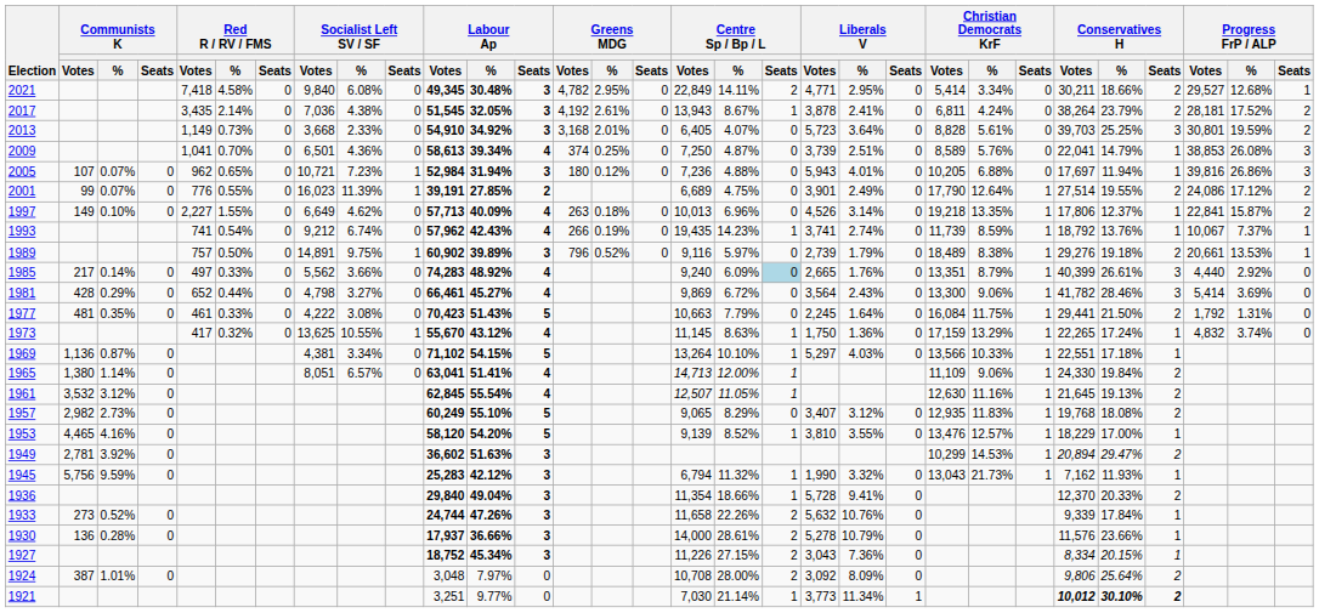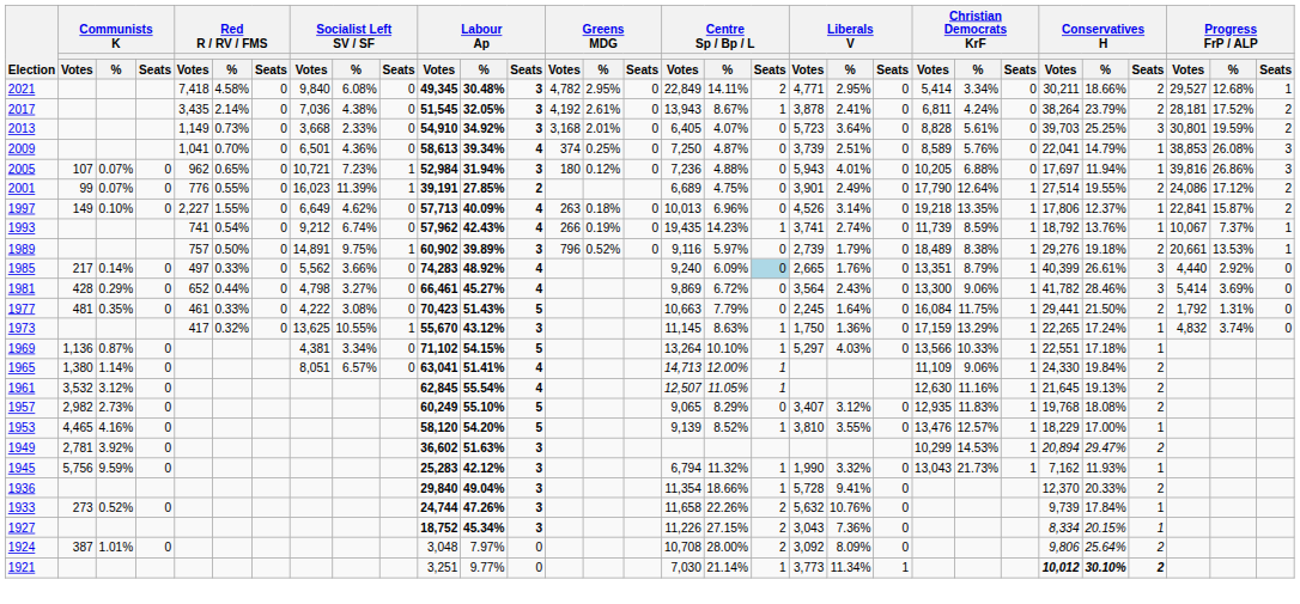 <table class="wikitable" border="1" style="font-size:80%; text-align:right;">
 <tr>
 <th style="text-align:left;" valign=bottom rowspan=3>Election</th>
 <th valign=bottom colspan=3><a href='#'>Communists</a><br>K</th>
 <th valign=bottom colspan=3><a href='#'>Red</a><br>R / RV / FMS</th>
 <th valign=bottom colspan=3><a href='#'>Socialist Left</a><br>SV / SF</th>
 <th valign=bottom colspan=3><a href='#'>Labour</a><br>Ap</th>
 <th valign=bottom colspan=3><a href='#'>Greens</a><br>MDG</th>
 <th valign=bottom colspan=3><a href='#'>Centre</a><br>Sp / Bp / L</th>
 <th valign=bottom colspan=3><a href='#'>Liberals</a><br>V</th>
 <th valign=bottom colspan=3><a href='#'>Christian<br>Democrats</a><br>KrF</th>
 <th valign=bottom colspan=3><a href='#'>Conservatives</a><br>H</th>
 <th valign=bottom colspan=3><a href='#'>Progress</a><br>FrP / ALP</th>
 </tr>
 <tr>
 <th colspan=3 style="background:"></th>
 <th colspan=3 style="background:"></th>
 <th colspan=3 style="background:"></th>
 <th colspan=3 style="background:"></th>
 <th colspan=3 style="background:"></th>
 <th colspan=3 style="background:"></th>
 <th colspan=3 style="background:"></th>
 <th colspan=3 style="background:"></th>
 <th colspan=3 style="background:"></th>
 <th colspan=3 style="background:"></th>
 </tr>
 <tr>
 <th>Votes</th>
 <th>%</th>
 <th>Seats</th>
 <th>Votes</th>
 <th>%</th>
 <th>Seats</th>
 <th>Votes</th>
 <th>%</th>
 <th>Seats</th>
 <th>Votes</th>
 <th>%</th>
 <th>Seats</th>
 <th>Votes</th>
 <th>%</th>
 <th>Seats</th>
 <th>Votes</th>
 <th>%</th>
 <th>Seats</th>
 <th>Votes</th>
 <th>%</th>
 <th>Seats</th>
 <th>Votes</th>
 <th>%</th>
 <th>Seats</th>
 <th>Votes</th>
 <th>%</th>
 <th>Seats</th>
 <th>Votes</th>
 <th>%</th>
 <th>Seats</th>
 </tr>
 <tr>
 <td align=left><a href='#'>2021</a></td>
 <td></td>
 <td></td>
 <td></td>
 <td>7,418</td>
 <td>4.58%</td>
 <td>0</td>
 <td>9,840</td>
 <td>6.08%</td>
 <td>0</td>
 <td><strong>49,345</strong></td>
 <td><strong>30.48%</strong></td>
 <td><strong>3</strong></td>
 <td>4,782</td>
 <td>2.95%</td>
 <td>0</td>
 <td>22,849</td>
 <td>14.11%</td>
 <td>2</td>
 <td>4,771</td>
 <td>2.95%</td>
 <td>0</td>
 <td>5,414</td>
 <td>3.34%</td>
 <td>0</td>
 <td>30,211</td>
 <td>18.66%</td>
 <td>2</td>
 <td>29,527</td>
 <td>12.68%</td>
 <td>1</td>
 </tr>
 <tr>
 <td align=left><a href='#'>2017</a></td>
 <td></td>
 <td></td>
 <td></td>
 <td>3,435</td>
 <td>2.14%</td>
 <td>0</td>
 <td>7,036</td>
 <td>4.38%</td>
 <td>0</td>
 <td><strong>51,545</strong></td>
 <td><strong>32.05%</strong></td>
 <td><strong>3</strong></td>
 <td>4,192</td>
 <td>2.61%</td>
 <td>0</td>
 <td>13,943</td>
 <td>8.67%</td>
 <td>1</td>
 <td>3,878</td>
 <td>2.41%</td>
 <td>0</td>
 <td>6,811</td>
 <td>4.24%</td>
 <td>0</td>
 <td>38,264</td>
 <td>23.79%</td>
 <td>2</td>
 <td>28,181</td>
 <td>17.52%</td>
 <td>2</td>
 </tr>
 <tr>
 <td align=left><a href='#'>2013</a></td>
 <td></td>
 <td></td>
 <td></td>
 <td>1,149</td>
 <td>0.73%</td>
 <td>0</td>
 <td>3,668</td>
 <td>2.33%</td>
 <td>0</td>
 <td><strong>54,910</strong></td>
 <td><strong>34.92%</strong></td>
 <td><strong>3</strong></td>
 <td>3,168</td>
 <td>2.01%</td>
 <td>0</td>
 <td>6,405</td>
 <td>4.07%</td>
 <td>0</td>
 <td>5,723</td>
 <td>3.64%</td>
 <td>0</td>
 <td>8,828</td>
 <td>5.61%</td>
 <td>0</td>
 <td>39,703</td>
 <td>25.25%</td>
 <td>3</td>
 <td>30,801</td>
 <td>19.59%</td>
 <td>2</td>
 </tr>
 <tr>
 <td align=left><a href='#'>2009</a></td>
 <td></td>
 <td></td>
 <td></td>
 <td>1,041</td>
 <td>0.70%</td>
 <td>0</td>
 <td>6,501</td>
 <td>4.36%</td>
 <td>0</td>
 <td><strong>58,613</strong></td>
 <td><strong>39.34%</strong></td>
 <td><strong>4</strong></td>
 <td>374</td>
 <td>0.25%</td>
 <td>0</td>
 <td>7,250</td>
 <td>4.87%</td>
 <td>0</td>
 <td>3,739</td>
 <td>2.51%</td>
 <td>0</td>
 <td>8,589</td>
 <td>5.76%</td>
 <td>0</td>
 <td>22,041</td>
 <td>14.79%</td>
 <td>1</td>
 <td>38,853</td>
 <td>26.08%</td>
 <td>3</td>
 </tr>
 <tr>
 <td align=left><a href='#'>2005</a></td>
 <td>107</td>
 <td>0.07%</td>
 <td>0</td>
 <td>962</td>
 <td>0.65%</td>
 <td>0</td>
 <td>10,721</td>
 <td>7.23%</td>
 <td>1</td>
 <td><strong>52,984</strong></td>
 <td><strong>31.94%</strong></td>
 <td><strong>3</strong></td>
 <td>180</td>
 <td>0.12%</td>
 <td>0</td>
 <td>7,236</td>
 <td>4.88%</td>
 <td>0</td>
 <td>5,943</td>
 <td>4.01%</td>
 <td>0</td>
 <td>10,205</td>
 <td>6.88%</td>
 <td>0</td>
 <td>17,697</td>
 <td>11.94%</td>
 <td>1</td>
 <td>39,816</td>
 <td>26.86%</td>
 <td>3</td>
 </tr>
 <tr>
 <td align=left><a href='#'>2001</a></td>
 <td>99</td>
 <td>0.07%</td>
 <td>0</td>
 <td>776</td>
 <td>0.55%</td>
 <td>0</td>
 <td>16,023</td>
 <td>11.39%</td>
 <td>1</td>
 <td><strong>39,191</strong></td>
 <td><strong>27.85%</strong></td>
 <td><strong>2</strong></td>
 <td></td>
 <td></td>
 <td></td>
 <td>6,689</td>
 <td>4.75%</td>
 <td>0</td>
 <td>3,901</td>
 <td>2.49%</td>
 <td>0</td>
 <td>17,790</td>
 <td>12.64%</td>
 <td>1</td>
 <td>27,514</td>
 <td>19.55%</td>
 <td>2</td>
 <td>24,086</td>
 <td>17.12%</td>
 <td>2</td>
 </tr>
 <tr>
 <td align=left><a href='#'>1997</a></td>
 <td>149</td>
 <td>0.10%</td>
 <td>0</td>
 <td>2,227</td>
 <td>1.55%</td>
 <td>0</td>
 <td>6,649</td>
 <td>4.62%</td>
 <td>0</td>
 <td><strong>57,713</strong></td>
 <td><strong>40.09%</strong></td>
 <td><strong>4</strong></td>
 <td>263</td>
 <td>0.18%</td>
 <td>0</td>
 <td>10,013</td>
 <td>6.96%</td>
 <td>0</td>
 <td>4,526</td>
 <td>3.14%</td>
 <td>0</td>
 <td>19,218</td>
 <td>13.35%</td>
 <td>1</td>
 <td>17,806</td>
 <td>12.37%</td>
 <td>1</td>
 <td>22,841</td>
 <td>15.87%</td>
 <td>2</td>
 </tr>
 <tr>
 <td align=left><a href='#'>1993</a></td>
 <td></td>
 <td></td>
 <td></td>
 <td>741</td>
 <td>0.54%</td>
 <td>0</td>
 <td>9,212</td>
 <td>6.74%</td>
 <td>0</td>
 <td><strong>57,962</strong></td>
 <td><strong>42.43%</strong></td>
 <td><strong>4</strong></td>
 <td>266</td>
 <td>0.19%</td>
 <td>0</td>
 <td>19,435</td>
 <td>14.23%</td>
 <td>1</td>
 <td>3,741</td>
 <td>2.74%</td>
 <td>0</td>
 <td>11,739</td>
 <td>8.59%</td>
 <td>1</td>
 <td>18,792</td>
 <td>13.76%</td>
 <td>1</td>
 <td>10,067</td>
 <td>7.37%</td>
 <td>1</td>
 </tr>
 <tr>
 <td align=left><a href='#'>1989</a></td>
 <td></td>
 <td></td>
 <td></td>
 <td>757</td>
 <td>0.50%</td>
 <td>0</td>
 <td>14,891</td>
 <td>9.75%</td>
 <td>1</td>
 <td><strong>60,902</strong></td>
 <td><strong>39.89%</strong></td>
 <td><strong>3</strong></td>
 <td>796</td>
 <td>0.52%</td>
 <td>0</td>
 <td>9,116</td>
 <td>5.97%</td>
 <td>0</td>
 <td>2,739</td>
 <td>1.79%</td>
 <td>0</td>
 <td>18,489</td>
 <td>8.38%</td>
 <td>1</td>
 <td>29,276</td>
 <td>19.18%</td>
 <td>2</td>
 <td>20,661</td>
 <td>13.53%</td>
 <td>1</td>
 </tr>
 <tr>
 <td align=left><a href='#'>1985</a></td>
 <td>217</td>
 <td>0.14%</td>
 <td>0</td>
 <td>497</td>
 <td>0.33%</td>
 <td>0</td>
 <td>5,562</td>
 <td>3.66%</td>
 <td>0</td>
 <td><strong>74,283</strong></td>
 <td><strong>48.92%</strong></td>
 <td><strong>4</strong></td>
 <td></td>
 <td></td>
 <td></td>
 <td>9,240</td>
 <td>6.09%</td>
 <td style="background: lightblue;">0</td>
 <td>2,665</td>
 <td>1.76%</td>
 <td>0</td>
 <td>13,351</td>
 <td>8.79%</td>
 <td>1</td>
 <td>40,399</td>
 <td>26.61%</td>
 <td>3</td>
 <td>4,440</td>
 <td>2.92%</td>
 <td>0</td>
 </tr>
 <tr>
 <td align=left><a href='#'>1981</a></td>
 <td>428</td>
 <td>0.29%</td>
 <td>0</td>
 <td>652</td>
 <td>0.44%</td>
 <td>0</td>
 <td>4,798</td>
 <td>3.27%</td>
 <td>0</td>
 <td><strong>66,461</strong></td>
 <td><strong>45.27%</strong></td>
 <td><strong>4</strong></td>
 <td></td>
 <td></td>
 <td></td>
 <td>9,869</td>
 <td>6.72%</td>
 <td>0</td>
 <td>3,564</td>
 <td>2.43%</td>
 <td>0</td>
 <td>13,300</td>
 <td>9.06%</td>
 <td>1</td>
 <td>41,782</td>
 <td>28.46%</td>
 <td>3</td>
 <td>5,414</td>
 <td>3.69%</td>
 <td>0</td>
 </tr>
 <tr>
 <td align=left><a href='#'>1977</a></td>
 <td>481</td>
 <td>0.35%</td>
 <td>0</td>
 <td>461</td>
 <td>0.33%</td>
 <td>0</td>
 <td>4,222</td>
 <td>3.08%</td>
 <td>0</td>
 <td><strong>70,423</strong></td>
 <td><strong>51.43%</strong></td>
 <td><strong>5</strong></td>
 <td></td>
 <td></td>
 <td></td>
 <td>10,663</td>
 <td>7.79%</td>
 <td>0</td>
 <td>2,245</td>
 <td>1.64%</td>
 <td>0</td>
 <td>16,084</td>
 <td>11.75%</td>
 <td>1</td>
 <td>29,441</td>
 <td>21.50%</td>
 <td>2</td>
 <td>1,792</td>
 <td>1.31%</td>
 <td>0</td>
 </tr>
 <tr>
 <td align=left><a href='#'>1973</a></td>
 <td></td>
 <td></td>
 <td></td>
 <td>417</td>
 <td>0.32%</td>
 <td>0</td>
 <td>13,625</td>
 <td>10.55%</td>
 <td>1</td>
 <td><strong>55,670</strong></td>
 <td><strong>43.12%</strong></td>
-<td><strong>4</strong></td>
+<td><strong>3</strong></td>
 <td></td>
 <td></td>
 <td></td>
 <td>11,145</td>
 <td>8.63%</td>
 <td>1</td>
 <td>1,750</td>
 <td>1.36%</td>
 <td>0</td>
 <td>17,159</td>
 <td>13.29%</td>
 <td>1</td>
 <td>22,265</td>
 <td>17.24%</td>
 <td>1</td>
 <td>4,832</td>
 <td>3.74%</td>
 <td>0</td>
 </tr>
 <tr>
 <td align=left><a href='#'>1969</a></td>
 <td>1,136</td>
 <td>0.87%</td>
 <td>0</td>
 <td></td>
 <td></td>
 <td></td>
 <td>4,381</td>
 <td>3.34%</td>
 <td>0</td>
 <td><strong>71,102</strong></td>
 <td><strong>54.15%</strong></td>
 <td><strong>5</strong></td>
 <td></td>
 <td></td>
 <td></td>
 <td>13,264</td>
 <td>10.10%</td>
 <td>1</td>
 <td>5,297</td>
 <td>4.03%</td>
 <td>0</td>
 <td>13,566</td>
 <td>10.33%</td>
 <td>1</td>
 <td>22,551</td>
 <td>17.18%</td>
 <td>1</td>
 <td></td>
 <td></td>
 <td></td>
 </tr>
 <tr>
 <td align=left><a href='#'>1965</a></td>
 <td>1,380</td>
 <td>1.14%</td>
 <td>0</td>
 <td></td>
 <td></td>
 <td></td>
 <td>8,051</td>
 <td>6.57%</td>
 <td>0</td>
 <td><strong>63,041</strong></td>
 <td><strong>51.41%</strong></td>
 <td><strong>4</strong></td>
 <td></td>
 <td></td>
 <td></td>
 <td><em>14,713</em></td>
 <td><em>12.00%</em></td>
 <td><em>1</em></td>
 <td></td>
 <td></td>
 <td></td>
 <td>11,109</td>
 <td>9.06%</td>
 <td>1</td>
 <td>24,330</td>
 <td>19.84%</td>
 <td>2</td>
 <td></td>
 <td></td>
 <td></td>
 </tr>
 <tr>
 <td align=left><a href='#'>1961</a></td>
 <td>3,532</td>
 <td>3.12%</td>
 <td>0</td>
 <td></td>
 <td></td>
 <td></td>
 <td></td>
 <td></td>
 <td></td>
 <td><strong>62,845</strong></td>
 <td><strong>55.54%</strong></td>
 <td><strong>4</strong></td>
 <td></td>
 <td></td>
 <td></td>
 <td><em>12,507</em></td>
 <td><em>11.05%</em></td>
 <td><em>1</em></td>
 <td></td>
 <td></td>
 <td></td>
 <td>12,630</td>
 <td>11.16%</td>
 <td>1</td>
 <td>21,645</td>
 <td>19.13%</td>
 <td>2</td>
 <td></td>
 <td></td>
 <td></td>
 </tr>
 <tr>
 <td align=left><a href='#'>1957</a></td>
 <td>2,982</td>
 <td>2.73%</td>
 <td>0</td>
 <td></td>
 <td></td>
 <td></td>
 <td></td>
 <td></td>
 <td></td>
 <td><strong>60,249</strong></td>
 <td><strong>55.10%</strong></td>
 <td><strong>5</strong></td>
 <td></td>
 <td></td>
 <td></td>
 <td>9,065</td>
 <td>8.29%</td>
 <td>0</td>
 <td>3,407</td>
 <td>3.12%</td>
 <td>0</td>
 <td>12,935</td>
 <td>11.83%</td>
 <td>1</td>
 <td>19,768</td>
 <td>18.08%</td>
 <td>2</td>
 <td></td>
 <td></td>
 <td></td>
 </tr>
 <tr>
 <td align=left><a href='#'>1953</a></td>
 <td>4,465</td>
 <td>4.16%</td>
 <td>0</td>
 <td></td>
 <td></td>
 <td></td>
 <td></td>
 <td></td>
 <td></td>
 <td><strong>58,120</strong></td>
 <td><strong>54.20%</strong></td>
 <td><strong>5</strong></td>
 <td></td>
 <td></td>
 <td></td>
 <td>9,139</td>
 <td>8.52%</td>
 <td>1</td>
 <td>3,810</td>
 <td>3.55%</td>
 <td>0</td>
 <td>13,476</td>
 <td>12.57%</td>
 <td>1</td>
 <td>18,229</td>
 <td>17.00%</td>
 <td>1</td>
 <td></td>
 <td></td>
 <td></td>
 </tr>
 <tr>
 <td align=left><a href='#'>1949</a></td>
 <td>2,781</td>
 <td>3.92%</td>
 <td>0</td>
 <td></td>
 <td></td>
 <td></td>
 <td></td>
 <td></td>
 <td></td>
 <td><strong>36,602</strong></td>
 <td><strong>51.63%</strong></td>
 <td><strong>3</strong></td>
 <td></td>
 <td></td>
 <td></td>
 <td></td>
 <td></td>
 <td></td>
 <td></td>
 <td></td>
 <td></td>
 <td>10,299</td>
 <td>14.53%</td>
 <td>1</td>
 <td><em>20,894</em></td>
 <td><em>29.47%</em></td>
 <td><em>2</em></td>
 <td></td>
 <td></td>
 <td></td>
 </tr>
 <tr>
 <td align=left><a href='#'>1945</a></td>
 <td>5,756</td>
 <td>9.59%</td>
 <td>0</td>
 <td></td>
 <td></td>
 <td></td>
 <td></td>
 <td></td>
 <td></td>
 <td><strong>25,283</strong></td>
 <td><strong>42.12%</strong></td>
 <td><strong>3</strong></td>
 <td></td>
 <td></td>
 <td></td>
 <td>6,794</td>
 <td>11.32%</td>
 <td>1</td>
 <td>1,990</td>
 <td>3.32%</td>
 <td>0</td>
 <td>13,043</td>
 <td>21.73%</td>
 <td>1</td>
 <td>7,162</td>
 <td>11.93%</td>
 <td>1</td>
 <td></td>
 <td></td>
 <td></td>
 </tr>
 <tr>
 <td align=left><a href='#'>1936</a></td>
 <td></td>
 <td></td>
 <td></td>
 <td></td>
 <td></td>
 <td></td>
 <td></td>
 <td></td>
 <td></td>
 <td><strong>29,840</strong></td>
 <td><strong>49.04%</strong></td>
 <td><strong>3</strong></td>
 <td></td>
 <td></td>
 <td></td>
 <td>11,354</td>
 <td>18.66%</td>
 <td>1</td>
 <td>5,728</td>
 <td>9.41%</td>
 <td>0</td>
 <td></td>
 <td></td>
 <td></td>
 <td>12,370</td>
 <td>20.33%</td>
 <td>2</td>
 <td></td>
 <td></td>
 <td></td>
 </tr>
 <tr>
 <td align=left><a href='#'>1933</a></td>
 <td>273</td>
 <td>0.52%</td>
 <td>0</td>
 <td></td>
 <td></td>
 <td></td>
 <td></td>
 <td></td>
 <td></td>
 <td><strong>24,744</strong></td>
 <td><strong>47.26%</strong></td>
 <td><strong>3</strong></td>
 <td></td>
 <td></td>
 <td></td>
 <td>11,658</td>
 <td>22.26%</td>
 <td>2</td>
 <td>5,632</td>
 <td>10.76%</td>
 <td>0</td>
 <td></td>
 <td></td>
 <td></td>
-<td>9,339</td>
+<td>9,739</td>
 <td>17.84%</td>
-<td>1</td>
-<td></td>
-<td></td>
-<td></td>
-</tr>
-<tr>
-<td align=left><a href='#'>1930</a></td>
-<td>136</td>
-<td>0.28%</td>
-<td>0</td>
-<td></td>
-<td></td>
-<td></td>
-<td></td>
-<td></td>
-<td></td>
-<td><strong>17,937</strong></td>
-<td><strong>36.66%</strong></td>
-<td><strong>3</strong></td>
-<td></td>
-<td></td>
-<td></td>
-<td>14,000</td>
-<td>28.61%</td>
-<td>2</td>
-<td>5,278</td>
-<td>10.79%</td>
-<td>0</td>
-<td></td>
-<td></td>
-<td></td>
-<td>11,576</td>
-<td>23.66%</td>
 <td>1</td>
 <td></td>
 <td></td>
 <td></td>
 </tr>
 <tr>
 <td align=left><a href='#'>1927</a></td>
 <td></td>
 <td></td>
 <td></td>
 <td></td>
 <td></td>
 <td></td>
 <td></td>
 <td></td>
 <td></td>
 <td><strong>18,752</strong></td>
 <td><strong>45.34%</strong></td>
 <td><strong>3</strong></td>
 <td></td>
 <td></td>
 <td></td>
 <td>11,226</td>
 <td>27.15%</td>
 <td>2</td>
 <td>3,043</td>
 <td>7.36%</td>
 <td>0</td>
 <td></td>
 <td></td>
 <td></td>
 <td><em>8,334</em></td>
 <td><em>20.15%</em></td>
 <td><em>1</em></td>
 <td></td>
 <td></td>
 <td></td>
 </tr>
 <tr>
 <td align=left><a href='#'>1924</a></td>
 <td>387</td>
 <td>1.01%</td>
 <td>0</td>
 <td></td>
 <td></td>
 <td></td>
 <td></td>
 <td></td>
 <td></td>
 <td>3,048</td>
 <td>7.97%</td>
 <td>0</td>
 <td></td>
 <td></td>
 <td></td>
 <td>10,708</td>
 <td>28.00%</td>
 <td>2</td>
 <td>3,092</td>
 <td>8.09%</td>
 <td>0</td>
 <td></td>
 <td></td>
 <td></td>
 <td><em>9,806</em></td>
 <td><em>25.64%</em></td>
 <td><em>2</em></td>
 <td></td>
 <td></td>
 <td></td>
 </tr>
 <tr>
 <td align=left><a href='#'>1921</a></td>
 <td></td>
 <td></td>
 <td></td>
 <td></td>
 <td></td>
 <td></td>
 <td></td>
 <td></td>
 <td></td>
 <td>3,251</td>
 <td>9.77%</td>
 <td>0</td>
 <td></td>
 <td></td>
 <td></td>
 <td>7,030</td>
 <td>21.14%</td>
 <td>1</td>
 <td>3,773</td>
 <td>11.34%</td>
 <td>1</td>
 <td></td>
 <td></td>
 <td></td>
 <td><strong><em>10,012</em></strong></td>
 <td><strong><em>30.10%</em></strong></td>
 <td><strong><em>2</em></strong></td>
 <td></td>
 <td></td>
 <td></td>
 </tr>
 </table>
